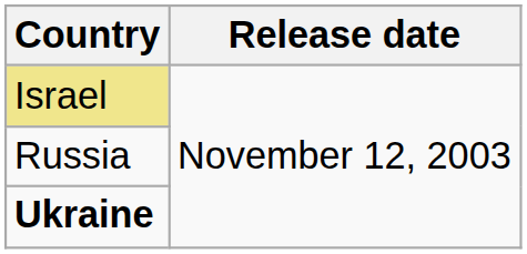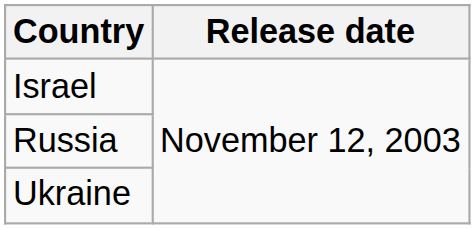 <table class="wikitable">
 <tr>
 <th>Country</th>
 <th>Release date</th>
 </tr>
 <tr>
-<td style="background: khaki;">Israel</td>
+<td>Israel</td>
 <td rowspan="3">November 12, 2003</td>
 </tr>
 <tr>
 <td>Russia</td>
 </tr>
 <tr>
-<td><strong>Ukraine</strong></td>
+<td>Ukraine</td>
 </tr>
 </table>
